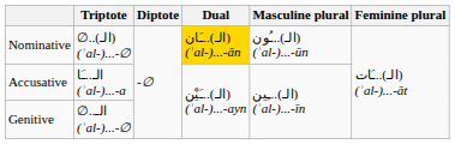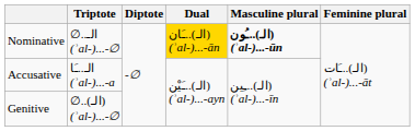 <table class="wikitable">
 <tr>
 <th></th>
 <th>Triptote</th>
 <th>Diptote</th>
 <th>Dual</th>
 <th>Masculine plural</th>
 <th>Feminine plural</th>
 </tr>
 <tr>
 <td>Nominative</td>
-<td>∅..(الـ)<br><em>(ʾal-)...-∅</em></td>
+<td>∅..الـ<br><em>(ʾal-)...-∅</em></td>
 <td rowspan="3">-<em>∅</em></td>
 <td style="background: gold;">الـ)..ـَان)<br><em>(ʾal-)...-ān</em></td>
-<td>الـ)..ـُون)<br><em>(ʾal-)...-ūn</em></td>
+<td><strong>الـ)..ـُون)<br><em>(ʾal-)...-ūn</em></strong></td>
 <td rowspan="3">الـ)..ـَات)<br><em>(ʾal-)...-āt</em></td>
 </tr>
 <tr>
 <td>Accusative</td>
 <td>الـ..ـَا<br><em>(ʾal-)...-a</em></td>
 <td rowspan="2">الـ)..ـَيْن)<br><em>(ʾal-)...-ayn</em></td>
 <td rowspan="2">الـ)..ـِين)<br><em>(ʾal-)...-īn</em></td>
 </tr>
 <tr>
 <td>Genitive</td>
-<td>∅..الـ<br><em>(ʾal-)...-∅</em></td>
+<td>∅..(الـ)<br><em>(ʾal-)...-∅</em></td>
 </tr>
 </table>
